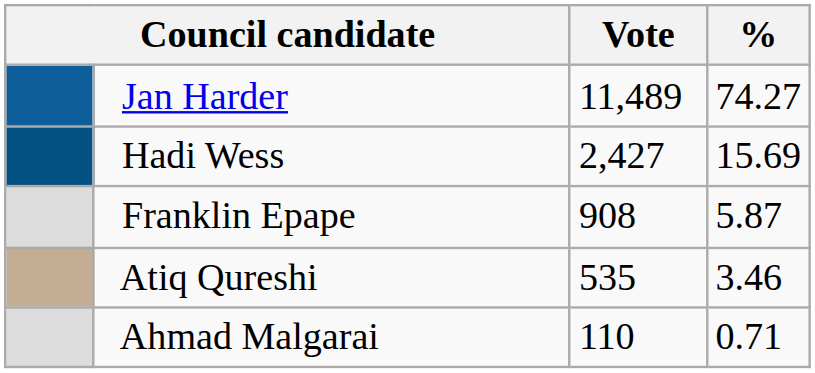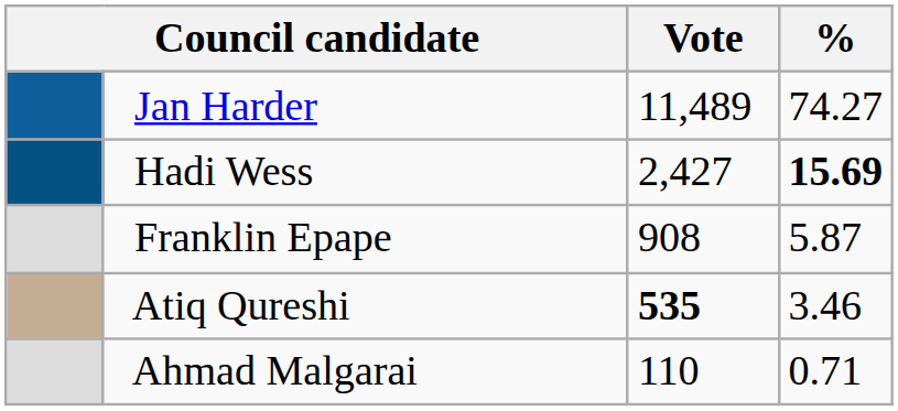 <table class="wikitable">
 <tr>
 <th bgcolor="#DDDDFF" width="230px" colspan="2">Council candidate</th>
 <th bgcolor="#DDDDFF" width="50px">Vote</th>
 <th bgcolor="#DDDDFF" width="30px">%</th>
 </tr>
 <tr>
 <td bgcolor=#0F5E9C width="30px"> </td>
 <td>  <a href='#'>Jan Harder</a></td>
 <td>11,489</td>
 <td>74.27</td>
 </tr>
 <tr>
 <td bgcolor=#045184 width="30px"> </td>
 <td>  Hadi Wess</td>
 <td>2,427</td>
-<td>15.69</td>
+<td><strong>15.69</strong></td>
 </tr>
 <tr>
 <td bgcolor=#DCDCDC width="30px"> </td>
 <td>  Franklin Epape</td>
 <td>908</td>
 <td>5.87</td>
 </tr>
 <tr>
 <td bgcolor=#C4AD92 width="30px"> </td>
 <td>  Atiq Qureshi</td>
-<td>535</td>
+<td><strong>535</strong></td>
 <td>3.46</td>
 </tr>
 <tr>
 <td bgcolor=#DCDCDC width="30px"> </td>
 <td>  Ahmad Malgarai</td>
 <td>110</td>
 <td>0.71</td>
 </tr>
 </table>
